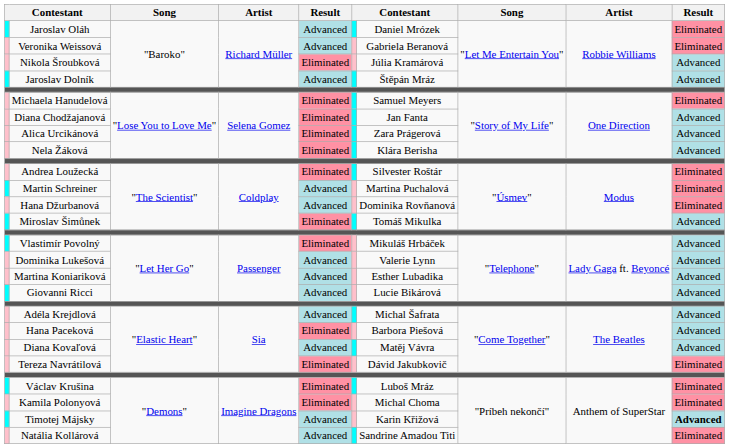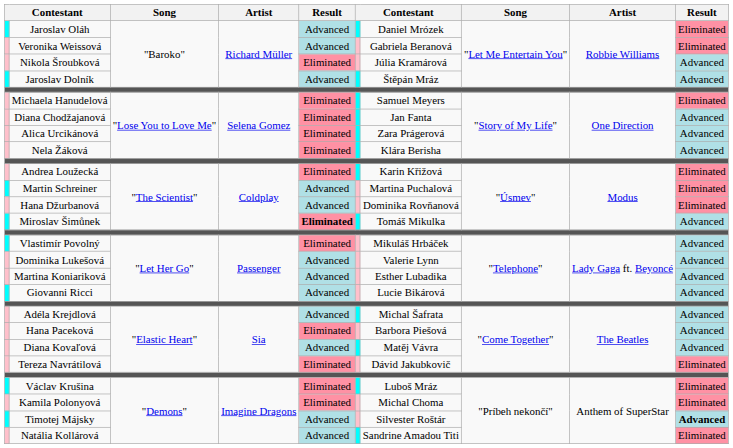 <table class="wikitable sortable" style="text-align:center; line-height:17px; width:80%; white-space:nowrap">
 <tr>
 <th style="width:10%" colspan="2">Contestant</th>
 <th style="width:10%">Song</th>
 <th style="width:10%">Artist</th>
 <th style="width:10%">Result</th>
 <th style="width:10%" colspan="2">Contestant</th>
 <th style="width:10%">Song</th>
 <th style="width:10%">Artist</th>
 <th style="width:10%">Result</th>
 </tr>
 <tr>
 <th style="background:cyan;"></th>
 <td>Jaroslav Oláh</td>
 <td rowspan="4">"Baroko"</td>
 <td rowspan="4"><a href='#'>Richard Müller</a></td>
 <td style="background:#B0E0E6;">Advanced</td>
 <th style="background:cyan;"></th>
 <td>Daniel Mrózek</td>
 <td rowspan="4">"<a href='#'>Let Me Entertain You</a>"</td>
 <td rowspan="4"><a href='#'>Robbie Williams</a></td>
 <td style="background:#FF91A4;">Eliminated</td>
 </tr>
 <tr>
 <th style="background:pink;"></th>
 <td>Veronika Weissová</td>
 <td style="background:#B0E0E6;">Advanced</td>
 <th style="background:pink;"></th>
 <td>Gabriela Beranová</td>
 <td style="background:#FF91A4;">Eliminated</td>
 </tr>
 <tr>
 <th style="background:pink;"></th>
 <td>Nikola Šroubková</td>
 <td style="background:#FF91A4;">Eliminated</td>
 <th style="background:pink;"></th>
 <td>Júlia Kramárová</td>
 <td style="background:#B0E0E6;">Advanced</td>
 </tr>
 <tr>
 <th style="background:cyan;"></th>
 <td>Jaroslav Dolník</td>
 <td style="background:#B0E0E6;">Advanced</td>
 <th style="background:cyan;"></th>
 <td>Štěpán Mráz</td>
 <td style="background:#B0E0E6;">Advanced</td>
 </tr>
 <tr>
 <td colspan=10 style="background:#555555;"></td>
 </tr>
 <tr>
 <th style="background:pink;"></th>
 <td>Michaela Hanudelová</td>
 <td rowspan="4">"<a href='#'>Lose You to Love Me</a>"</td>
 <td rowspan="4"><a href='#'>Selena Gomez</a></td>
 <td style="background:#FF91A4;">Eliminated</td>
 <th style="background:cyan;"></th>
 <td>Samuel Meyers</td>
 <td rowspan="4">"<a href='#'>Story of My Life</a>"</td>
 <td rowspan="4"><a href='#'>One Direction</a></td>
 <td style="background:#FF91A4;">Eliminated</td>
 </tr>
 <tr>
 <th style="background:pink;"></th>
 <td>Diana Chodžajanová</td>
 <td style="background:#FF91A4;">Eliminated</td>
 <th style="background:cyan;"></th>
 <td>Jan Fanta</td>
 <td style="background:#B0E0E6;">Advanced</td>
 </tr>
 <tr>
 <th style="background:pink;"></th>
 <td>Alica Urcikánová</td>
 <td style="background:#FF91A4;">Eliminated</td>
 <th style="background:cyan;"></th>
 <td>Zara Prágerová</td>
 <td style="background:#B0E0E6;">Advanced</td>
 </tr>
 <tr>
 <th style="background:pink;"></th>
 <td>Nela Žáková</td>
 <td style="background:#FF91A4;">Eliminated</td>
 <th style="background:cyan;"></th>
 <td>Klára Berisha</td>
 <td style="background:#B0E0E6;">Advanced</td>
 </tr>
 <tr>
 <td colspan=10 style="background:#555555;"></td>
 </tr>
 <tr>
 <th style="background:pink;"></th>
 <td>Andrea Loužecká</td>
 <td rowspan="4">"<a href='#'>The Scientist</a>"</td>
 <td rowspan="4"><a href='#'>Coldplay</a></td>
 <td style="background:#FF91A4;">Eliminated</td>
 <th style="background:cyan;"></th>
-<td>Silvester Roštár</td>
+<td>Karin Křižová</td>
 <td rowspan="4">"<a href='#'>Úsmev</a>"</td>
 <td rowspan="4"><a href='#'>Modus</a></td>
 <td style="background:#FF91A4;">Eliminated</td>
 </tr>
 <tr>
 <th style="background:cyan;"></th>
 <td>Martin Schreiner</td>
 <td style="background:#B0E0E6;">Advanced</td>
 <th style="background:pink;"></th>
 <td>Martina Puchalová</td>
 <td style="background:#FF91A4;">Eliminated</td>
 </tr>
 <tr>
 <th style="background:pink;"></th>
 <td>Hana Džurbanová</td>
 <td style="background:#B0E0E6;">Advanced</td>
 <th style="background:pink;"></th>
 <td>Dominika Rovňanová</td>
 <td style="background:#FF91A4;">Eliminated</td>
 </tr>
 <tr>
 <th style="background:cyan;"></th>
 <td>Miroslav Šimůnek</td>
-<td style="background:#FF91A4;">Eliminated</td>
+<td style="background:#FF91A4;"><strong>Eliminated</strong></td>
 <th style="background:cyan;"></th>
 <td>Tomáš Mikulka</td>
 <td style="background:#B0E0E6;">Advanced</td>
 </tr>
 <tr>
 <td colspan=10 style="background:#555555;"></td>
 </tr>
 <tr>
 <th style="background:cyan;"></th>
 <td>Vlastimír Povolný</td>
 <td rowspan="4">"<a href='#'>Let Her Go</a>"</td>
 <td rowspan="4"><a href='#'>Passenger</a></td>
 <td style="background:#FF91A4;">Eliminated</td>
 <th style="background:pink;"></th>
 <td>Mikuláš Hrbáček</td>
 <td rowspan="4">"<a href='#'>Telephone</a>"</td>
 <td rowspan="4"><a href='#'>Lady Gaga</a> ft. <a href='#'>Beyoncé</a></td>
 <td style="background:#B0E0E6;">Advanced</td>
 </tr>
 <tr>
 <th style="background:pink;"></th>
 <td>Dominika Lukešová</td>
 <td style="background:#B0E0E6;">Advanced</td>
 <th style="background:pink;"></th>
 <td>Valerie Lynn</td>
 <td style="background:#B0E0E6;">Advanced</td>
 </tr>
 <tr>
 <th style="background:pink;"></th>
 <td>Martina Koniariková</td>
 <td style="background:#B0E0E6;">Advanced</td>
 <th style="background:pink;"></th>
 <td>Esther Lubadika</td>
 <td style="background:#B0E0E6;">Advanced</td>
 </tr>
 <tr>
 <th style="background:cyan;"></th>
 <td>Giovanni Ricci</td>
 <td style="background:#B0E0E6;">Advanced</td>
 <th style="background:pink;"></th>
 <td>Lucie Bikárová</td>
 <td style="background:#B0E0E6;">Advanced</td>
 </tr>
 <tr>
 <td colspan=10 style="background:#555555;"></td>
 </tr>
 <tr>
 <th style="background:pink;"></th>
 <td>Adéla Krejdlová</td>
 <td rowspan="4">"<a href='#'>Elastic Heart</a>"</td>
 <td rowspan="4"><a href='#'>Sia</a></td>
 <td style="background:#B0E0E6;">Advanced</td>
 <th style="background:cyan;"></th>
 <td>Michal Šafrata</td>
 <td rowspan="4">"<a href='#'>Come Together</a>"</td>
 <td rowspan="4"><a href='#'>The Beatles</a></td>
 <td style="background:#B0E0E6;">Advanced</td>
 </tr>
 <tr>
 <th style="background:pink;"></th>
 <td>Hana Paceková</td>
 <td style="background:#FF91A4;">Eliminated</td>
 <th style="background:pink;"></th>
 <td>Barbora Piešová</td>
 <td style="background:#B0E0E6;">Advanced</td>
 </tr>
 <tr>
 <th style="background:pink;"></th>
 <td>Diana Kovaľová</td>
 <td style="background:#B0E0E6;">Advanced</td>
 <th style="background:cyan;"></th>
 <td>Matěj Vávra</td>
 <td style="background:#B0E0E6;">Advanced</td>
 </tr>
 <tr>
 <th style="background:pink;"></th>
 <td>Tereza Navrátilová</td>
 <td style="background:#FF91A4;">Eliminated</td>
 <th style="background:pink;"></th>
 <td>Dávid Jakubkovič</td>
 <td style="background:#FF91A4;">Eliminated</td>
 </tr>
 <tr>
 <td colspan=10 style="background:#555555;"></td>
 </tr>
 <tr>
 <th style="background:cyan;"></th>
 <td>Václav Krušina</td>
 <td rowspan="4">"<a href='#'>Demons</a>"</td>
 <td rowspan="4"><a href='#'>Imagine Dragons</a></td>
 <td style="background:#FF91A4;">Eliminated</td>
 <th style="background:cyan;"></th>
 <td>Luboš Mráz</td>
 <td rowspan="4">"Príbeh nekončí"</td>
 <td rowspan="4">Anthem of SuperStar</td>
 <td style="background:#FF91A4;">Eliminated</td>
 </tr>
 <tr>
 <th style="background:pink;"></th>
 <td>Kamila Polonyová</td>
 <td style="background:#FF91A4;">Eliminated</td>
 <th style="background:pink;"></th>
 <td>Michal Choma</td>
 <td style="background:#FF91A4;">Eliminated</td>
 </tr>
 <tr>
 <th style="background:cyan;"></th>
 <td>Timotej Májsky</td>
 <td style="background:#B0E0E6;">Advanced</td>
 <th style="background:pink;"></th>
-<td>Karin Křižová</td>
+<td>Silvester Roštár</td>
 <td style="background:#B0E0E6;"><strong>Advanced</strong></td>
 </tr>
 <tr>
 <th style="background:pink;"></th>
 <td>Natália Kollárová</td>
 <td style="background:#B0E0E6;">Advanced</td>
 <th style="background:cyan;"></th>
 <td>Sandrine Amadou Titi</td>
 <td style="background:#FF91A4;">Eliminated</td>
 </tr>
 </table>
